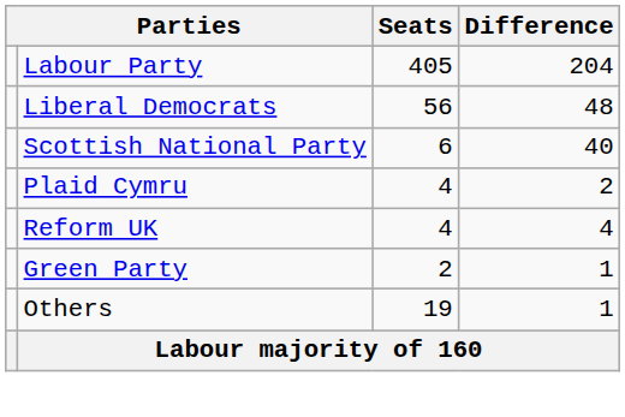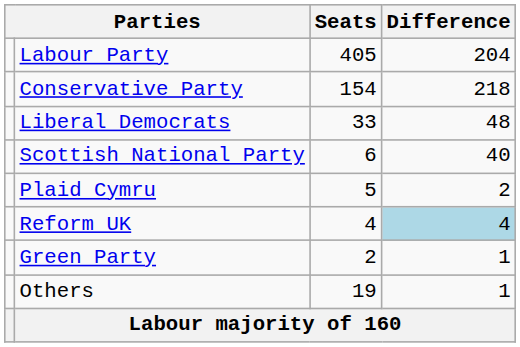 <table class="wikitable">
 <tr style="vertical-align:top;">
 <th colspan="2">Parties</th>
 <th>Seats</th>
 <th>Differ­ence</th>
 </tr>
 <tr>
 <td></td>
 <td><a href='#'>Labour Party</a></td>
 <td style="text-align:right;">405</td>
 <td style="text-align:right;"> 204</td>
 </tr>
 <tr>
 <td></td>
+<td><a href='#'>Conservative Party</a></td>
+<td style="text-align:right;">154</td>
+<td style="text-align:right;"> 218</td>
+</tr>
+<tr>
+<td></td>
 <td><a href='#'>Liberal Democrats</a></td>
-<td style="text-align:right;">56</td>
+<td style="text-align:right;">33</td>
 <td style="text-align:right;"> 48</td>
 </tr>
 <tr>
 <td></td>
 <td><a href='#'>Scottish National Party</a></td>
 <td style="text-align:right;">6</td>
 <td style="text-align:right;"> 40</td>
 </tr>
 <tr>
 <td></td>
 <td><a href='#'>Plaid Cymru</a></td>
-<td style="text-align:right;">4</td>
+<td style="text-align:right;">5</td>
 <td style="text-align:right;"> 2</td>
 </tr>
 <tr>
 <td></td>
 <td><a href='#'>Reform UK</a></td>
 <td style="text-align:right;">4</td>
-<td style="text-align:right;"> 4</td>
+<td style="background: lightblue; text-align:right;"> 4</td>
 </tr>
 <tr>
 <td></td>
 <td><a href='#'>Green Party</a></td>
 <td style="text-align:right;">2</td>
 <td style="text-align:right;"> 1</td>
 </tr>
 <tr>
 <td></td>
 <td>Others</td>
 <td style="text-align:right;">19</td>
 <td style="text-align:right;"> 1</td>
 </tr>
 <tr>
 <th style="background-color:"></th>
 <th colspan="3">Labour majority of 160</th>
 </tr>
 </table>
